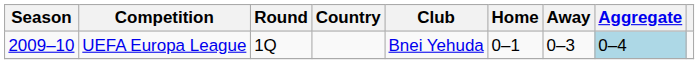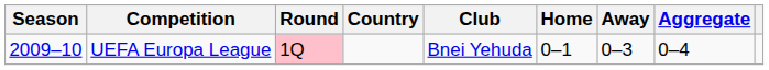 <table class="wikitable">
 <tr>
 <th>Season</th>
 <th>Competition</th>
 <th>Round</th>
 <th>Country</th>
 <th>Club</th>
 <th>Home</th>
 <th>Away</th>
 <th><a href='#'>Aggregate</a></th>
 <th></th>
 </tr>
 <tr>
 <td><a href='#'>2009–10</a></td>
 <td><a href='#'>UEFA Europa League</a></td>
-<td>1Q</td>
+<td style="background: pink;">1Q</td>
 <td></td>
 <td><a href='#'>Bnei Yehuda</a></td>
 <td>0–1</td>
 <td>0–3</td>
-<td style="background: lightblue;">0–4</td>
+<td>0–4</td>
 <td align="center"></td>
 </tr>
 <tr>
 </tr>
 </table>
